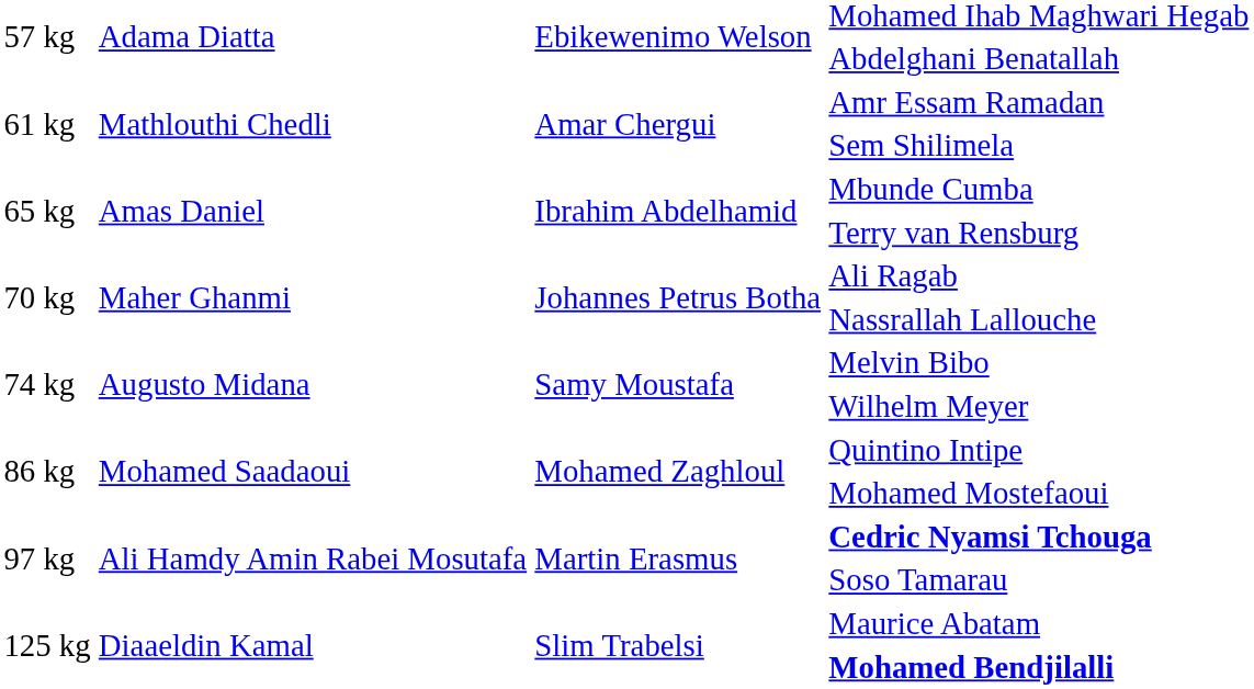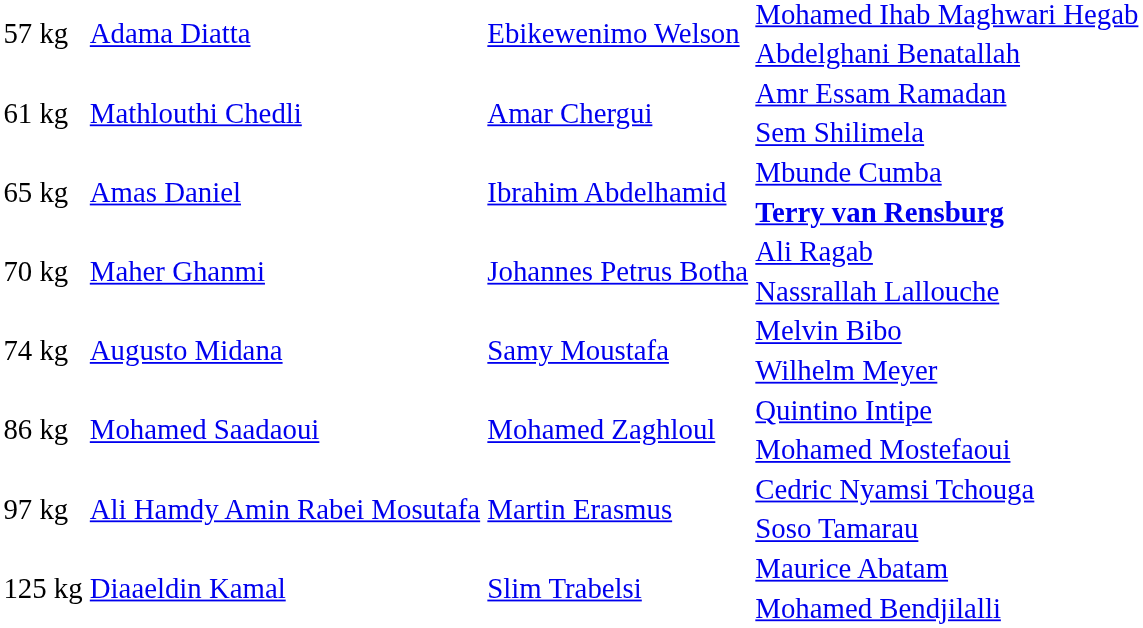 <table>
 <tr>
 <td rowspan=2>57 kg</td>
 <td rowspan=2> <a href='#'>Adama Diatta</a></td>
 <td rowspan=2> <a href='#'>Ebikewenimo Welson</a></td>
 <td> <a href='#'>Mohamed Ihab Maghwari Hegab</a></td>
 </tr>
 <tr>
 <td> <a href='#'>Abdelghani Benatallah</a></td>
 </tr>
 <tr>
 <td rowspan=2>61 kg</td>
 <td rowspan=2> <a href='#'>Mathlouthi Chedli</a></td>
 <td rowspan=2> <a href='#'>Amar Chergui</a></td>
 <td> <a href='#'>Amr Essam Ramadan</a></td>
 </tr>
 <tr>
 <td> <a href='#'>Sem Shilimela</a></td>
 </tr>
 <tr>
 <td rowspan=2>65 kg</td>
 <td rowspan=2> <a href='#'>Amas Daniel</a></td>
 <td rowspan=2> <a href='#'>Ibrahim Abdelhamid</a></td>
 <td> <a href='#'>Mbunde Cumba</a></td>
 </tr>
 <tr>
-<td> <a href='#'>Terry van Rensburg</a></td>
+<td><strong> <a href='#'>Terry van Rensburg</a></strong></td>
 </tr>
 <tr>
 <td rowspan=2>70 kg</td>
 <td rowspan=2> <a href='#'>Maher Ghanmi</a></td>
 <td rowspan=2> <a href='#'>Johannes Petrus Botha</a></td>
 <td> <a href='#'>Ali Ragab</a></td>
 </tr>
 <tr>
 <td> <a href='#'>Nassrallah Lallouche</a></td>
 </tr>
 <tr>
 <td rowspan=2>74 kg</td>
 <td rowspan=2> <a href='#'>Augusto Midana</a></td>
 <td rowspan=2> <a href='#'>Samy Moustafa</a></td>
 <td> <a href='#'>Melvin Bibo</a></td>
 </tr>
 <tr>
 <td> <a href='#'>Wilhelm Meyer</a></td>
 </tr>
 <tr>
 <td rowspan=2>86 kg</td>
 <td rowspan=2> <a href='#'>Mohamed Saadaoui</a></td>
 <td rowspan=2> <a href='#'>Mohamed Zaghloul</a></td>
 <td> <a href='#'>Quintino Intipe</a></td>
 </tr>
 <tr>
 <td> <a href='#'>Mohamed Mostefaoui</a></td>
 </tr>
 <tr>
 <td rowspan=2>97 kg</td>
 <td rowspan=2> <a href='#'>Ali Hamdy Amin Rabei Mosutafa</a></td>
 <td rowspan=2> <a href='#'>Martin Erasmus</a></td>
-<td><strong> <a href='#'>Cedric Nyamsi Tchouga</a></strong></td>
+<td> <a href='#'>Cedric Nyamsi Tchouga</a></td>
 </tr>
 <tr>
 <td> <a href='#'>Soso Tamarau</a></td>
 </tr>
 <tr>
 <td rowspan=2>125 kg</td>
 <td rowspan=2> <a href='#'>Diaaeldin Kamal</a></td>
 <td rowspan=2> <a href='#'>Slim Trabelsi</a></td>
 <td> <a href='#'>Maurice Abatam</a></td>
 </tr>
 <tr>
-<td><strong> <a href='#'>Mohamed Bendjilalli</a></strong></td>
+<td> <a href='#'>Mohamed Bendjilalli</a></td>
 </tr>
 </table>
